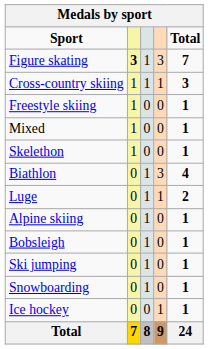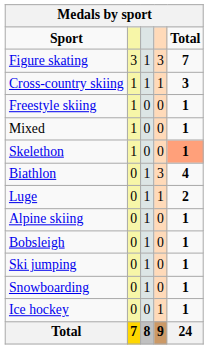 <table class="wikitable" style="font-size:85%;float:right;clear:right;">
 <tr style="background:#efefef;">
 <th colspan=5>Medals by sport</th>
 </tr>
 <tr align=center>
 <td><strong>Sport</strong></td>
 <td bgcolor=#f7f6a8></td>
 <td bgcolor=#dce5e5></td>
 <td bgcolor=#ffdab9></td>
 <td><strong>Total</strong></td>
 </tr>
 <tr align=center>
 <td align=left><a href='#'>Figure skating</a></td>
-<td style="background:#F7F6A8;"><strong>3</strong></td>
+<td style="background:#F7F6A8;">3</td>
 <td style="background:#DCE5E5;">1</td>
 <td style="background:#FFDAB9;">3</td>
 <td><strong>7</strong></td>
 </tr>
 <tr align=center>
 <td align=left><a href='#'>Cross-country skiing</a></td>
 <td style="background:#F7F6A8;">1</td>
 <td style="background:#DCE5E5;">1</td>
 <td style="background:#FFDAB9;">1</td>
 <td><strong>3</strong></td>
 </tr>
 <tr align=center>
 <td align=left><a href='#'>Freestyle skiing</a></td>
 <td style="background:#F7F6A8;">1</td>
 <td style="background:#DCE5E5;">0</td>
 <td style="background:#FFDAB9;">0</td>
 <td><strong>1</strong></td>
 </tr>
 <tr align=center>
 <td align=left>Mixed</td>
 <td style="background:#F7F6A8;">1</td>
 <td style="background:#DCE5E5;">0</td>
 <td style="background:#FFDAB9;">0</td>
 <td><strong>1</strong></td>
 </tr>
 <tr align=center>
 <td align=left><a href='#'>Skelethon</a></td>
 <td style="background:#F7F6A8;">1</td>
 <td style="background:#DCE5E5;">0</td>
 <td style="background:#FFDAB9;">0</td>
-<td><strong>1</strong></td>
+<td style="background: lightsalmon;"><strong>1</strong></td>
 </tr>
 <tr align=center>
 <td align=left><a href='#'>Biathlon</a></td>
 <td style="background:#F7F6A8;">0</td>
 <td style="background:#DCE5E5;">1</td>
 <td style="background:#FFDAB9;">3</td>
 <td><strong>4</strong></td>
 </tr>
 <tr align=center>
 <td align=left><a href='#'>Luge</a></td>
 <td style="background:#F7F6A8;">0</td>
 <td style="background:#DCE5E5;">1</td>
 <td style="background:#FFDAB9;">1</td>
 <td><strong>2</strong></td>
 </tr>
 <tr align=center>
 <td align=left><a href='#'>Alpine skiing</a></td>
 <td style="background:#F7F6A8;">0</td>
 <td style="background:#DCE5E5;">1</td>
 <td style="background:#FFDAB9;">0</td>
 <td><strong>1</strong></td>
 </tr>
 <tr align=center>
 <td align=left><a href='#'>Bobsleigh</a></td>
 <td style="background:#F7F6A8;">0</td>
 <td style="background:#DCE5E5;">1</td>
 <td style="background:#FFDAB9;">0</td>
 <td><strong>1</strong></td>
 </tr>
 <tr align=center>
 <td align=left><a href='#'>Ski jumping</a></td>
 <td style="background:#F7F6A8;">0</td>
 <td style="background:#DCE5E5;">1</td>
 <td style="background:#FFDAB9;">0</td>
 <td><strong>1</strong></td>
 </tr>
 <tr align=center>
 <td align=left><a href='#'>Snowboarding</a></td>
 <td style="background:#F7F6A8;">0</td>
 <td style="background:#DCE5E5;">1</td>
 <td style="background:#FFDAB9;">0</td>
 <td><strong>1</strong></td>
 </tr>
 <tr align=center>
 <td align=left><a href='#'>Ice hockey</a></td>
 <td style="background:#F7F6A8;">0</td>
 <td style="background:#DCE5E5;">0</td>
 <td style="background:#FFDAB9;">1</td>
 <td><strong>1</strong></td>
 </tr>
 <tr align=center>
 <th>Total</th>
 <th style="background:gold;">7</th>
 <th style="background:silver;">8</th>
 <th style="background:#c96;">9</th>
 <th>24</th>
 </tr>
 </table>
